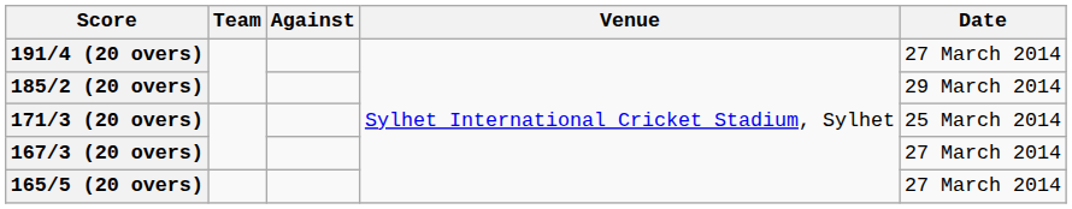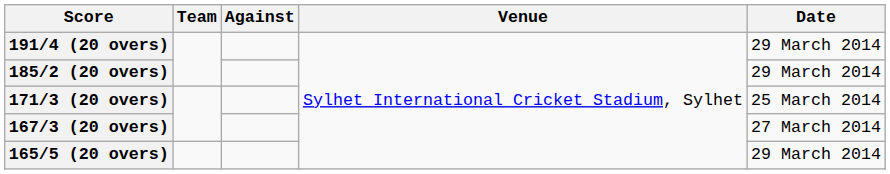 <table class="wikitable sortable" style="text-align:left;font-size:93%;">
 <tr>
 <th scope=col>Score</th>
 <th scope=col>Team</th>
 <th scope=col>Against</th>
 <th scope=col>Venue</th>
 <th scope=col data-sort-type=date>Date</th>
 </tr>
 <tr>
 <th scope=row>191/4 (20 overs)</th>
 <td rowspan=2></td>
 <td></td>
 <td rowspan=5><a href='#'>Sylhet International Cricket Stadium</a>, Sylhet</td>
-<td>27 March 2014</td>
+<td>29 March 2014</td>
 </tr>
 <tr>
 <th scope=row>185/2 (20 overs)</th>
 <td></td>
 <td>29 March 2014</td>
 </tr>
 <tr>
 <th scope=row>171/3 (20 overs)</th>
 <td rowspan=2></td>
 <td></td>
 <td>25 March 2014</td>
 </tr>
 <tr>
 <th scope=row>167/3 (20 overs)</th>
 <td></td>
 <td>27 March 2014</td>
 </tr>
 <tr>
 <th scope=row>165/5 (20 overs)</th>
 <td></td>
 <td></td>
-<td>27 March 2014</td>
+<td>29 March 2014</td>
 </tr>
 </table>
